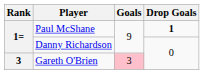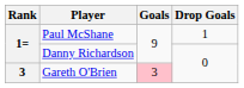 <table class="wikitable" style="text-align:center">
 <tr>
 <th>Rank</th>
 <th>Player</th>
 <th>Goals</th>
 <th>Drop Goals</th>
 </tr>
 <tr>
 <th Rowspan=2>1=</th>
 <td align="left"> <a href='#'>Paul McShane</a></td>
 <td Rowspan=2>9</td>
-<td><strong>1</strong></td>
+<td>1</td>
 </tr>
 <tr>
 <td align="left"> <a href='#'>Danny Richardson</a></td>
 <td Rowspan=2>0</td>
 </tr>
 <tr>
 <th>3</th>
 <td align="left"> <a href='#'>Gareth O'Brien</a></td>
 <td style="background: pink;">3</td>
 </tr>
 </table>
